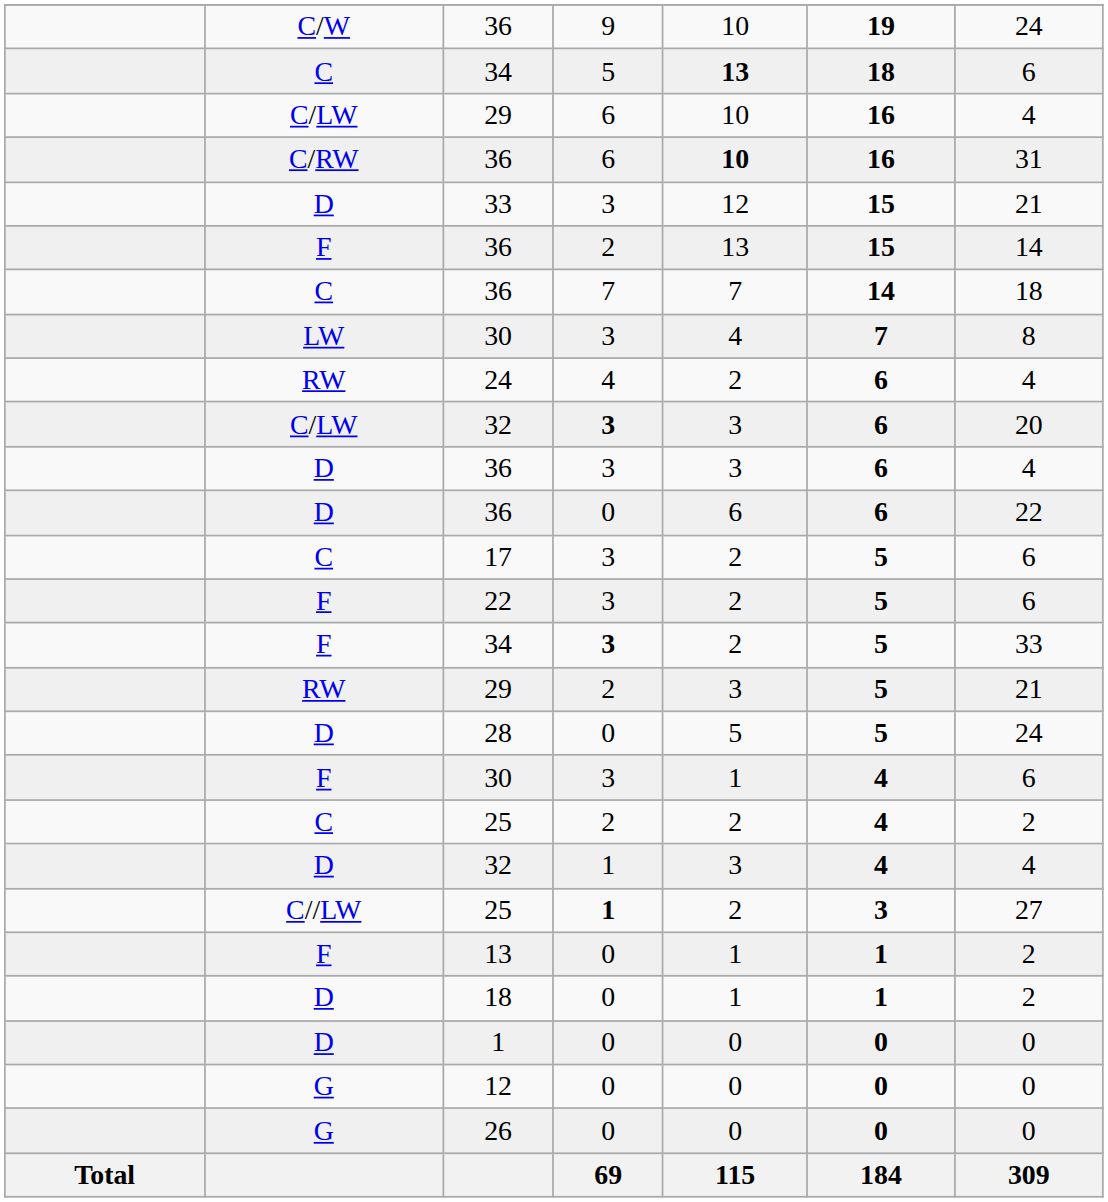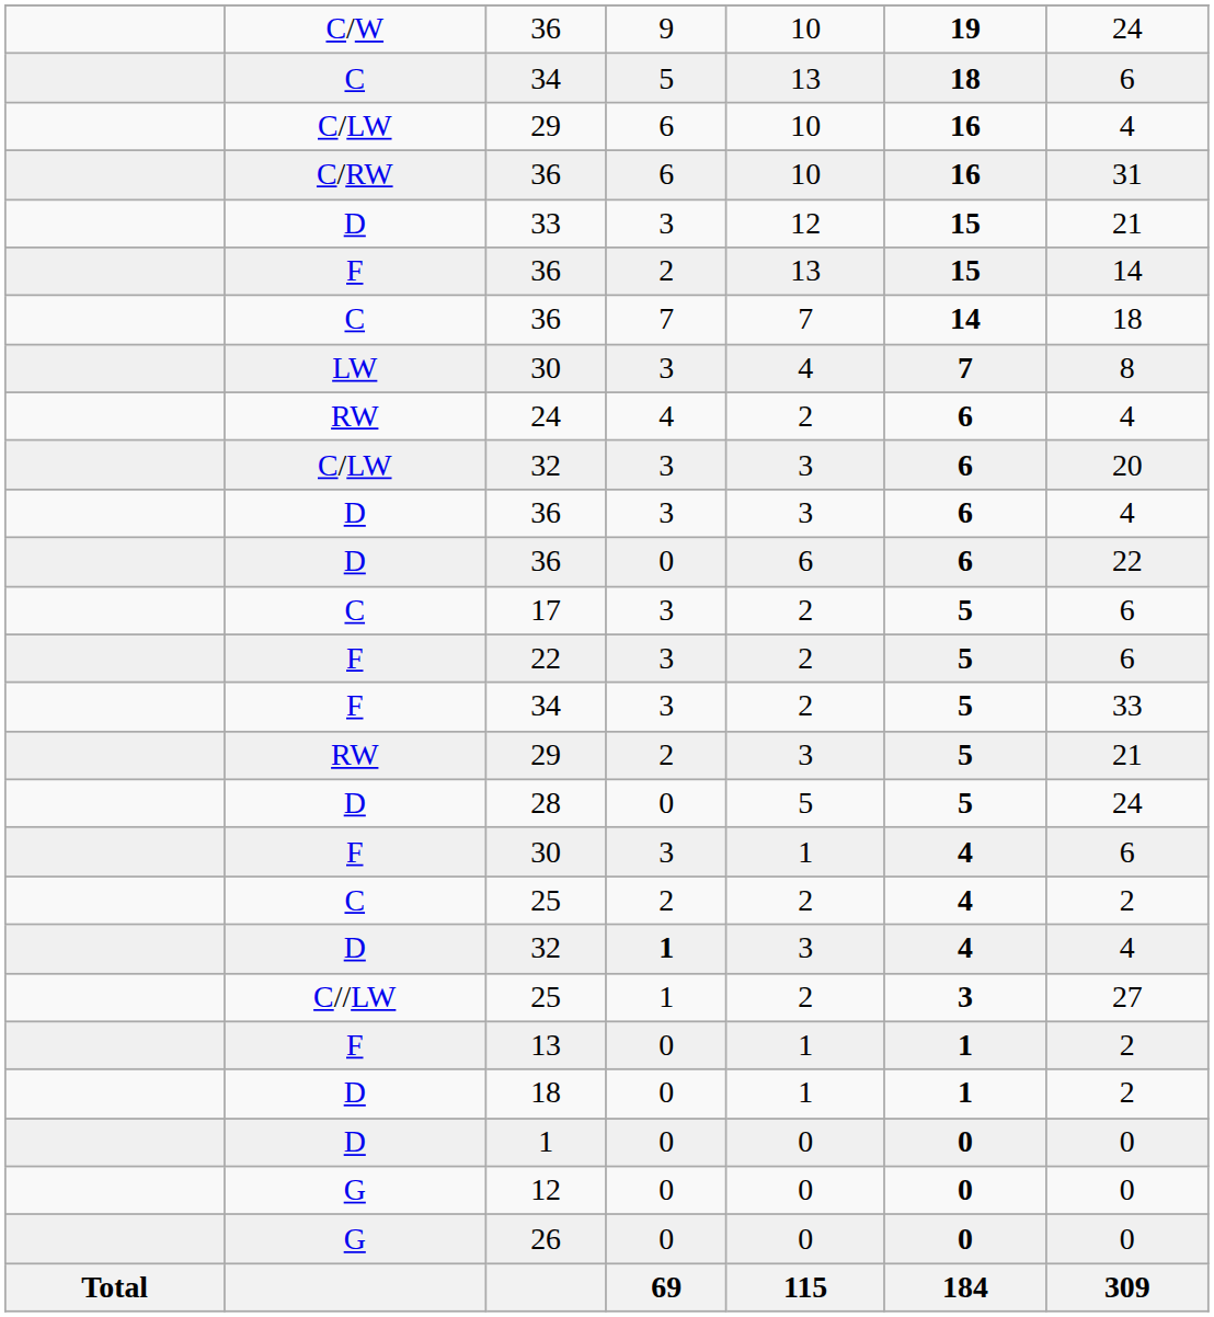 <table class="wikitable sortable" width ="50%">
 <tr align="center">
 </tr>
 <tr align="center" bgcolor="">
 <td></td>
 <td><a href='#'>C</a>/<a href='#'>W</a></td>
 <td>36</td>
 <td>9</td>
 <td>10</td>
 <td><strong>19</strong></td>
 <td>24</td>
 </tr>
 <tr align="center" bgcolor="f0f0f0">
 <td></td>
 <td><a href='#'>C</a></td>
 <td>34</td>
 <td>5</td>
-<td><strong>13</strong></td>
+<td>13</td>
 <td><strong>18</strong></td>
 <td>6</td>
 </tr>
 <tr align="center" bgcolor="">
 <td></td>
 <td><a href='#'>C</a>/<a href='#'>LW</a></td>
 <td>29</td>
 <td>6</td>
 <td>10</td>
 <td><strong>16</strong></td>
 <td>4</td>
 </tr>
 <tr align="center" bgcolor="f0f0f0">
 <td></td>
 <td><a href='#'>C</a>/<a href='#'>RW</a></td>
 <td>36</td>
 <td>6</td>
-<td><strong>10</strong></td>
+<td>10</td>
 <td><strong>16</strong></td>
 <td>31</td>
 </tr>
 <tr align="center" bgcolor="">
 <td></td>
 <td><a href='#'>D</a></td>
 <td>33</td>
 <td>3</td>
 <td>12</td>
 <td><strong>15</strong></td>
 <td>21</td>
 </tr>
 <tr align="center" bgcolor="f0f0f0">
 <td></td>
 <td><a href='#'>F</a></td>
 <td>36</td>
 <td>2</td>
 <td>13</td>
 <td><strong>15</strong></td>
 <td>14</td>
 </tr>
 <tr align="center" bgcolor="">
 <td></td>
 <td><a href='#'>C</a></td>
 <td>36</td>
 <td>7</td>
 <td>7</td>
 <td><strong>14</strong></td>
 <td>18</td>
 </tr>
 <tr align="center" bgcolor="f0f0f0">
 <td></td>
 <td><a href='#'>LW</a></td>
 <td>30</td>
 <td>3</td>
 <td>4</td>
 <td><strong>7</strong></td>
 <td>8</td>
 </tr>
 <tr align="center" bgcolor="">
 <td></td>
 <td><a href='#'>RW</a></td>
 <td>24</td>
 <td>4</td>
 <td>2</td>
 <td><strong>6</strong></td>
 <td>4</td>
 </tr>
 <tr align="center" bgcolor="f0f0f0">
 <td></td>
 <td><a href='#'>C</a>/<a href='#'>LW</a></td>
 <td>32</td>
-<td><strong>3</strong></td>
+<td>3</td>
 <td>3</td>
 <td><strong>6</strong></td>
 <td>20</td>
 </tr>
 <tr align="center" bgcolor="">
 <td></td>
 <td><a href='#'>D</a></td>
 <td>36</td>
 <td>3</td>
 <td>3</td>
 <td><strong>6</strong></td>
 <td>4</td>
 </tr>
 <tr align="center" bgcolor="f0f0f0">
 <td></td>
 <td><a href='#'>D</a></td>
 <td>36</td>
 <td>0</td>
 <td>6</td>
 <td><strong>6</strong></td>
 <td>22</td>
 </tr>
 <tr align="center" bgcolor="">
 <td></td>
 <td><a href='#'>C</a></td>
 <td>17</td>
 <td>3</td>
 <td>2</td>
 <td><strong>5</strong></td>
 <td>6</td>
 </tr>
 <tr align="center" bgcolor="f0f0f0">
 <td></td>
 <td><a href='#'>F</a></td>
 <td>22</td>
 <td>3</td>
 <td>2</td>
 <td><strong>5</strong></td>
 <td>6</td>
 </tr>
 <tr align="center" bgcolor="">
 <td></td>
 <td><a href='#'>F</a></td>
 <td>34</td>
-<td><strong>3</strong></td>
+<td>3</td>
 <td>2</td>
 <td><strong>5</strong></td>
 <td>33</td>
 </tr>
 <tr align="center" bgcolor="f0f0f0">
 <td></td>
 <td><a href='#'>RW</a></td>
 <td>29</td>
 <td>2</td>
 <td>3</td>
 <td><strong>5</strong></td>
 <td>21</td>
 </tr>
 <tr align="center" bgcolor="">
 <td></td>
 <td><a href='#'>D</a></td>
 <td>28</td>
 <td>0</td>
 <td>5</td>
 <td><strong>5</strong></td>
 <td>24</td>
 </tr>
 <tr align="center" bgcolor="f0f0f0">
 <td></td>
 <td><a href='#'>F</a></td>
 <td>30</td>
 <td>3</td>
 <td>1</td>
 <td><strong>4</strong></td>
 <td>6</td>
 </tr>
 <tr align="center" bgcolor="">
 <td></td>
 <td><a href='#'>C</a></td>
 <td>25</td>
 <td>2</td>
 <td>2</td>
 <td><strong>4</strong></td>
 <td>2</td>
 </tr>
 <tr align="center" bgcolor="f0f0f0">
 <td></td>
 <td><a href='#'>D</a></td>
 <td>32</td>
-<td>1</td>
+<td><strong>1</strong></td>
 <td>3</td>
 <td><strong>4</strong></td>
 <td>4</td>
 </tr>
 <tr align="center" bgcolor="">
 <td></td>
 <td><a href='#'>C</a>//<a href='#'>LW</a></td>
 <td>25</td>
-<td><strong>1</strong></td>
+<td>1</td>
 <td>2</td>
 <td><strong>3</strong></td>
 <td>27</td>
 </tr>
 <tr align="center" bgcolor="f0f0f0">
 <td></td>
 <td><a href='#'>F</a></td>
 <td>13</td>
 <td>0</td>
 <td>1</td>
 <td><strong>1</strong></td>
 <td>2</td>
 </tr>
 <tr align="center" bgcolor="">
 <td></td>
 <td><a href='#'>D</a></td>
 <td>18</td>
 <td>0</td>
 <td>1</td>
 <td><strong>1</strong></td>
 <td>2</td>
 </tr>
 <tr align="center" bgcolor="f0f0f0">
 <td></td>
 <td><a href='#'>D</a></td>
 <td>1</td>
 <td>0</td>
 <td>0</td>
 <td><strong>0</strong></td>
 <td>0</td>
 </tr>
 <tr align="center" bgcolor="">
 <td></td>
 <td><a href='#'>G</a></td>
 <td>12</td>
 <td>0</td>
 <td>0</td>
 <td><strong>0</strong></td>
 <td>0</td>
 </tr>
 <tr align="center" bgcolor="f0f0f0">
 <td></td>
 <td><a href='#'>G</a></td>
 <td>26</td>
 <td>0</td>
 <td>0</td>
 <td><strong>0</strong></td>
 <td>0</td>
 </tr>
 <tr>
 <th>Total</th>
 <th></th>
 <th></th>
 <th>69</th>
 <th>115</th>
 <th>184</th>
 <th>309</th>
 </tr>
 </table>
